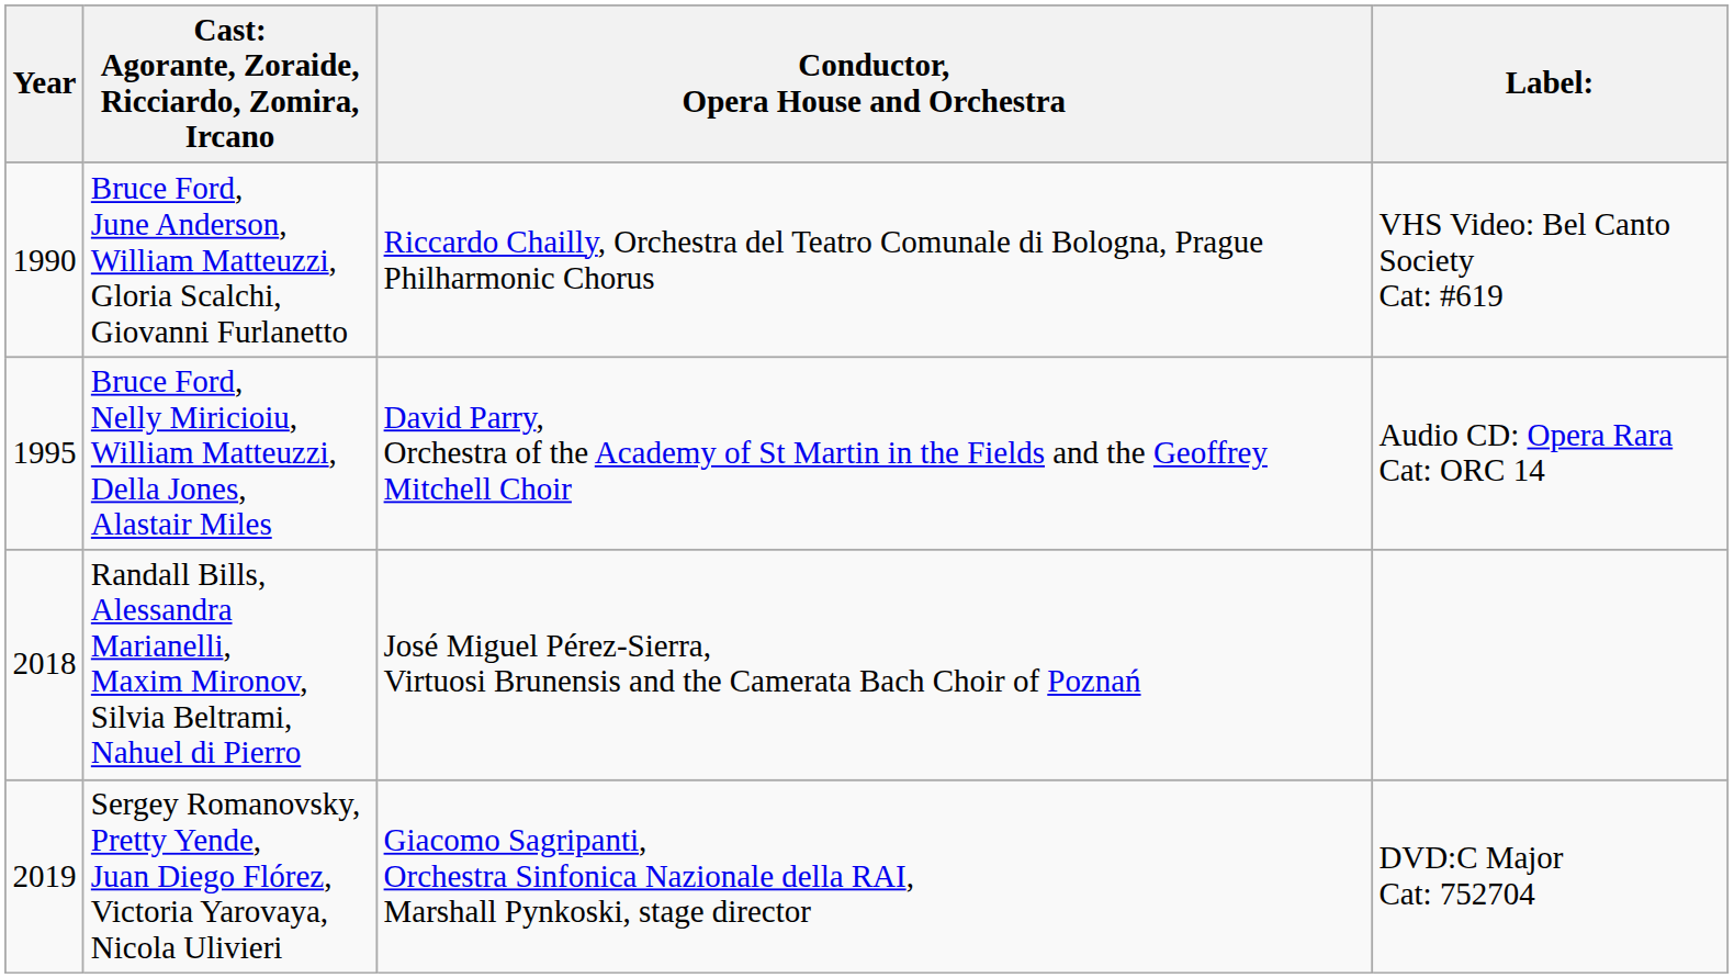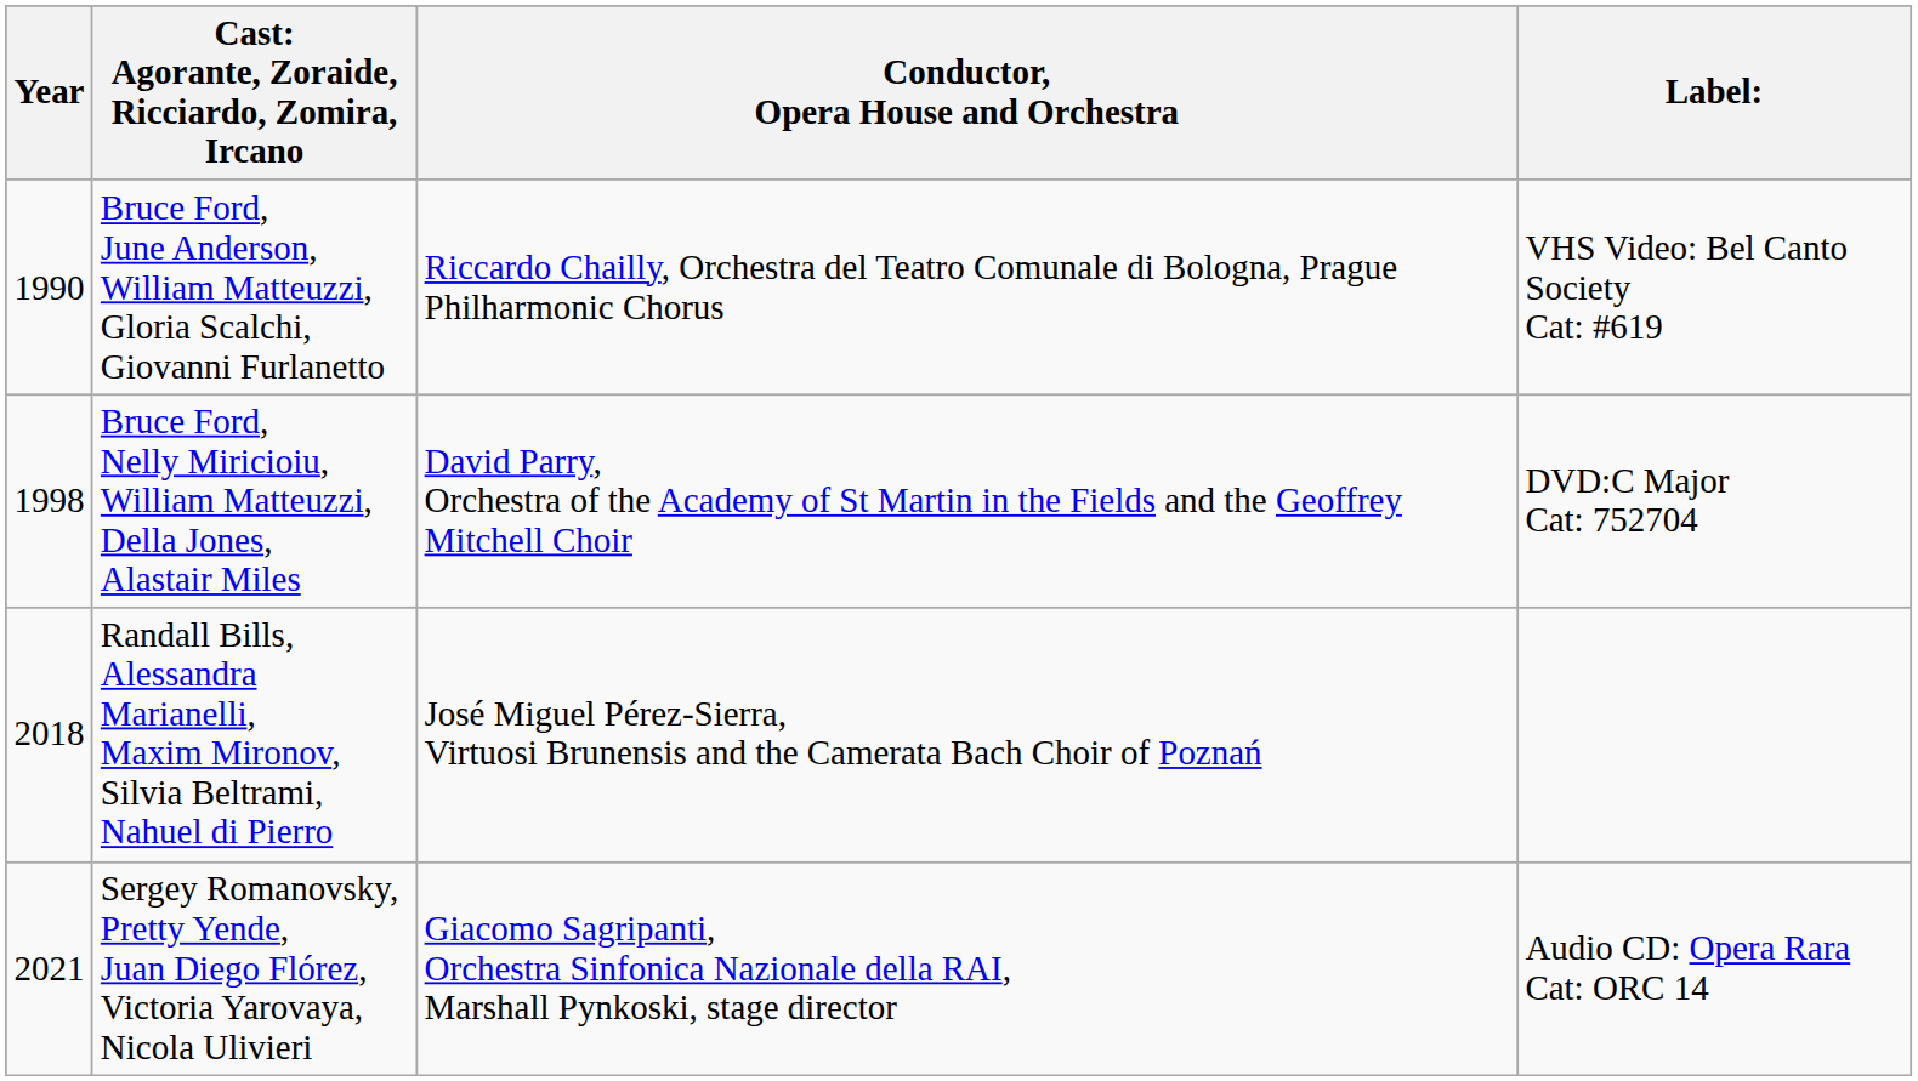 <table class="wikitable">
 <tr>
 <th>Year</th>
 <th width="140">Cast:<br>Agorante, Zoraide, Ricciardo, Zomira, Ircano</th>
 <th>Conductor,<br>Opera House and Orchestra</th>
 <th>Label:</th>
 </tr>
 <tr>
 <td>1990</td>
 <td><a href='#'>Bruce Ford</a>,<br><a href='#'>June Anderson</a>,<br><a href='#'>William Matteuzzi</a>,<br> Gloria Scalchi,<br> Giovanni Furlanetto</td>
 <td><a href='#'>Riccardo Chailly</a>, Orchestra del Teatro Comunale di Bologna, Prague Philharmonic Chorus</td>
 <td>VHS Video: Bel Canto Society<br>Cat: #619</td>
 </tr>
 <tr>
-<td>1995</td>
+<td>1998</td>
 <td><a href='#'>Bruce Ford</a>,<br><a href='#'>Nelly Miricioiu</a>,<br><a href='#'>William Matteuzzi</a>,<br> <a href='#'>Della Jones</a>,<br><a href='#'>Alastair Miles</a></td>
 <td><a href='#'>David Parry</a>,<br>Orchestra of the <a href='#'>Academy of St Martin in the Fields</a> and the <a href='#'>Geoffrey Mitchell Choir</a></td>
-<td>Audio CD: <a href='#'>Opera Rara</a><br>Cat: ORC 14</td>
+<td>DVD:C Major<br>Cat: 752704</td>
 </tr>
 <tr>
 <td>2018</td>
 <td>Randall Bills,<br><a href='#'>Alessandra Marianelli</a>,<br><a href='#'>Maxim Mironov</a>,<br>Silvia Beltrami,<br><a href='#'>Nahuel di Pierro</a></td>
 <td>José Miguel Pérez-Sierra,<br>Virtuosi Brunensis and the Camerata Bach Choir of <a href='#'>Poznań</a></td>
 <td Audio CD: ></td>
 </tr>
 <tr>
-<td>2019</td>
+<td>2021</td>
 <td>Sergey Romanovsky,<br><a href='#'>Pretty Yende</a>,<br><a href='#'>Juan Diego Flórez</a>,<br>Victoria Yarovaya,<br>Nicola Ulivieri</td>
 <td><a href='#'>Giacomo Sagripanti</a>,<br><a href='#'>Orchestra Sinfonica Nazionale della RAI</a>,<br>Marshall Pynkoski, stage director</td>
-<td>DVD:C Major<br>Cat: 752704</td>
+<td>Audio CD: <a href='#'>Opera Rara</a><br>Cat: ORC 14</td>
 </tr>
 </table>
